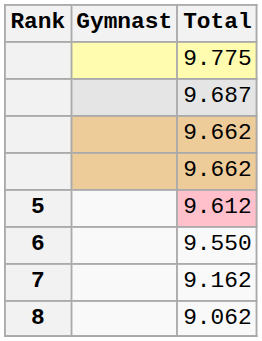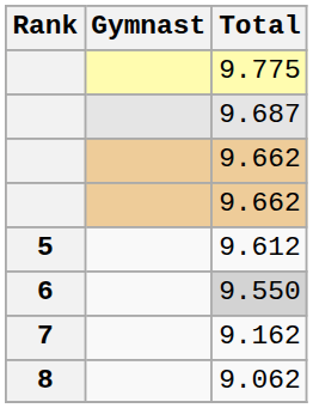 <table class="wikitable sortable" style="text-align:center; font-size:95%">
 <tr>
 <th scope=col>Rank</th>
 <th scope=col>Gymnast</th>
 <th scope=col>Total</th>
 </tr>
 <tr bgcolor=fffcaf>
 <th scope=row style="text-align:center"></th>
 <td align=left></td>
 <td>9.775</td>
 </tr>
 <tr bgcolor=e5e5e5>
 <th scope=row style="text-align:center"></th>
 <td align=left></td>
 <td>9.687</td>
 </tr>
 <tr bgcolor=eecc99>
 <th scope=row style="text-align:center"></th>
 <td align=left></td>
 <td>9.662</td>
 </tr>
 <tr bgcolor=eecc99>
 <th scope=row style="text-align:center"></th>
 <td align=left></td>
 <td>9.662</td>
 </tr>
 <tr>
 <th scope=row style="text-align:center">5</th>
 <td align=left></td>
-<td style="background: pink;">9.612</td>
+<td>9.612</td>
 </tr>
 <tr>
 <th scope=row style="text-align:center">6</th>
 <td align=left></td>
-<td>9.550</td>
+<td style="background: lightgrey;">9.550</td>
 </tr>
 <tr>
 <th scope=row style="text-align:center">7</th>
 <td align=left></td>
 <td>9.162</td>
 </tr>
 <tr>
 <th scope=row style="text-align:center">8</th>
 <td align=left></td>
 <td>9.062</td>
 </tr>
 <tr>
 </tr>
 </table>
